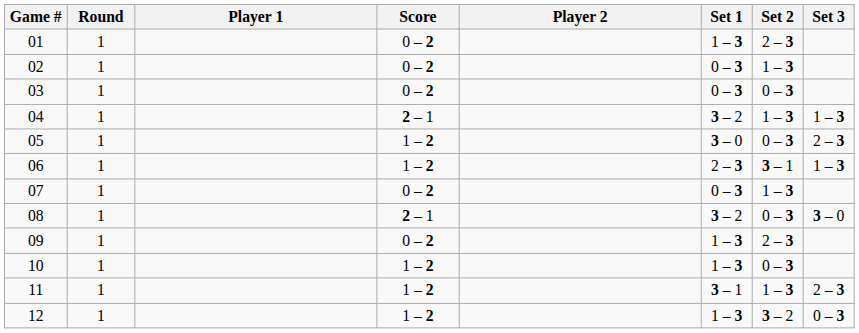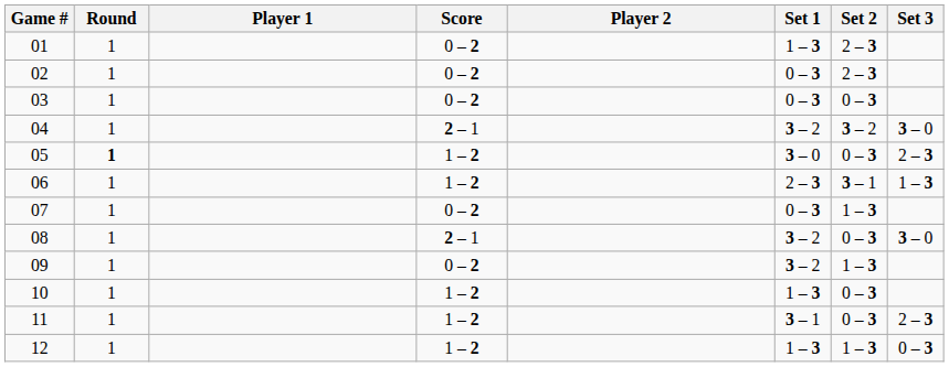 <table class="wikitable">
 <tr>
 <th width="2%">Game #</th>
 <th width="2%">Round</th>
 <th width="15%">Player 1</th>
 <th width="5%">Score</th>
 <th width="15%">Player 2</th>
 <th width="3%">Set 1</th>
 <th width="3%">Set 2</th>
 <th width="3%">Set 3</th>
 </tr>
 <tr style=text-align:center;"background:#;">
 <td>01</td>
 <td>1</td>
 <td></td>
 <td>0 – <strong>2</strong></td>
 <td></td>
 <td>1 – <strong>3</strong></td>
 <td>2 – <strong>3</strong></td>
 <td></td>
 </tr>
 <tr style=text-align:center;"background:#;">
 <td>02</td>
 <td>1</td>
 <td></td>
 <td>0 – <strong>2</strong></td>
 <td></td>
 <td>0 – <strong>3</strong></td>
-<td>1 – <strong>3</strong></td>
+<td>2 – <strong>3</strong></td>
 <td></td>
 </tr>
 <tr style=text-align:center;"background:#;">
 <td>03</td>
 <td>1</td>
 <td></td>
 <td>0 – <strong>2</strong></td>
 <td></td>
 <td>0 – <strong>3</strong></td>
 <td>0 – <strong>3</strong></td>
 <td></td>
 </tr>
 <tr style=text-align:center;"background:#;">
 <td>04</td>
 <td>1</td>
 <td></td>
 <td><strong>2</strong> – 1</td>
 <td></td>
 <td><strong>3</strong> – 2</td>
-<td>1 – <strong>3</strong></td>
-<td>1 – <strong>3</strong></td>
+<td><strong>3</strong> – 2</td>
+<td><strong>3</strong> – 0</td>
 </tr>
 <tr style=text-align:center;"background:#;">
 <td>05</td>
-<td>1</td>
+<td><strong>1</strong></td>
 <td></td>
 <td>1 – <strong>2</strong></td>
 <td></td>
 <td><strong>3</strong> – 0</td>
 <td>0 – <strong>3</strong></td>
 <td>2 – <strong>3</strong></td>
 </tr>
 <tr style=text-align:center;"background:#;">
 <td>06</td>
 <td>1</td>
 <td></td>
 <td>1 – <strong>2</strong></td>
 <td></td>
 <td>2 – <strong>3</strong></td>
 <td><strong>3</strong> – 1</td>
 <td>1 – <strong>3</strong></td>
 </tr>
 <tr style=text-align:center;"background:#;">
 <td>07</td>
 <td>1</td>
 <td></td>
 <td>0 – <strong>2</strong></td>
 <td></td>
 <td>0 – <strong>3</strong></td>
 <td>1 – <strong>3</strong></td>
 <td></td>
 </tr>
 <tr style=text-align:center;"background:#;">
 <td>08</td>
 <td>1</td>
 <td></td>
 <td><strong>2</strong> – 1</td>
 <td></td>
 <td><strong>3</strong> – 2</td>
 <td>0 – <strong>3</strong></td>
 <td><strong>3</strong> – 0</td>
 </tr>
 <tr style=text-align:center;"background:#;">
 <td>09</td>
 <td>1</td>
 <td></td>
 <td>0 – <strong>2</strong></td>
 <td></td>
+<td><strong>3</strong> – 2</td>
 <td>1 – <strong>3</strong></td>
-<td>2 – <strong>3</strong></td>
 <td></td>
 </tr>
 <tr style=text-align:center;"background:#;">
 <td>10</td>
 <td>1</td>
 <td></td>
 <td>1 – <strong>2</strong></td>
 <td></td>
 <td>1 – <strong>3</strong></td>
 <td>0 – <strong>3</strong></td>
 <td></td>
 </tr>
 <tr style=text-align:center;"background:#;">
 <td>11</td>
 <td>1</td>
 <td></td>
 <td>1 – <strong>2</strong></td>
 <td></td>
 <td><strong>3</strong> – 1</td>
-<td>1 – <strong>3</strong></td>
+<td>0 – <strong>3</strong></td>
 <td>2 – <strong>3</strong></td>
 </tr>
 <tr style=text-align:center;"background:#;">
 <td>12</td>
 <td>1</td>
 <td></td>
 <td>1 – <strong>2</strong></td>
 <td></td>
 <td>1 – <strong>3</strong></td>
-<td><strong>3</strong> – 2</td>
+<td>1 – <strong>3</strong></td>
 <td>0 – <strong>3</strong></td>
 </tr>
 </table>
